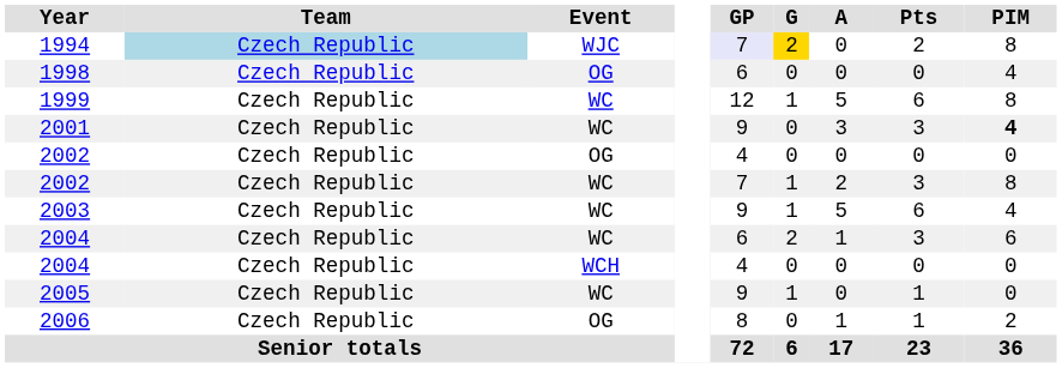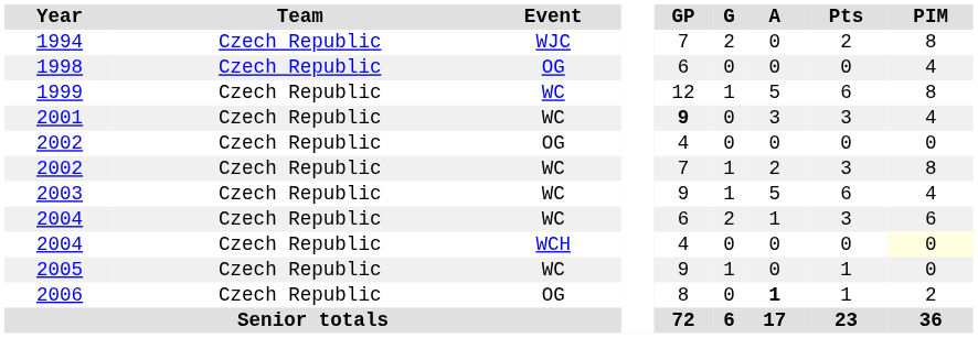 <table border="0" cellpadding="1" cellspacing="0" style="text-align:center; width:50em">
 <tr ALIGN="center" bgcolor="#e0e0e0">
 <th>Year</th>
 <th>Team</th>
 <th>Event</th>
 <th rowspan="99" bgcolor="#ffffff"> </th>
 <th>GP</th>
 <th>G</th>
 <th>A</th>
 <th>Pts</th>
 <th>PIM</th>
 </tr>
 <tr>
 <td><a href='#'>1994</a></td>
-<td style="background: lightblue;"><a href='#'>Czech Republic</a></td>
+<td><a href='#'>Czech Republic</a></td>
 <td><a href='#'>WJC</a></td>
-<td style="background: lavender;">7</td>
-<td style="background: gold;">2</td>
+<td>7</td>
+<td>2</td>
 <td>0</td>
 <td>2</td>
 <td>8</td>
 </tr>
 <tr bgcolor="#f0f0f0">
 <td><a href='#'>1998</a></td>
 <td><a href='#'>Czech Republic</a></td>
 <td><a href='#'>OG</a></td>
 <td>6</td>
 <td>0</td>
 <td>0</td>
 <td>0</td>
 <td>4</td>
 </tr>
 <tr>
 <td><a href='#'>1999</a></td>
 <td>Czech Republic</td>
 <td><a href='#'>WC</a></td>
 <td>12</td>
 <td>1</td>
 <td>5</td>
 <td>6</td>
 <td>8</td>
 </tr>
 <tr bgcolor="#f0f0f0">
 <td><a href='#'>2001</a></td>
 <td>Czech Republic</td>
 <td>WC</td>
-<td>9</td>
+<td><strong>9</strong></td>
 <td>0</td>
 <td>3</td>
 <td>3</td>
-<td><strong>4</strong></td>
+<td>4</td>
 </tr>
 <tr>
 <td><a href='#'>2002</a></td>
 <td>Czech Republic</td>
 <td>OG</td>
 <td>4</td>
 <td>0</td>
 <td>0</td>
 <td>0</td>
 <td>0</td>
 </tr>
 <tr bgcolor="#f0f0f0">
 <td><a href='#'>2002</a></td>
 <td>Czech Republic</td>
 <td>WC</td>
 <td>7</td>
 <td>1</td>
 <td>2</td>
 <td>3</td>
 <td>8</td>
 </tr>
 <tr>
 <td><a href='#'>2003</a></td>
 <td>Czech Republic</td>
 <td>WC</td>
 <td>9</td>
 <td>1</td>
 <td>5</td>
 <td>6</td>
 <td>4</td>
 </tr>
 <tr bgcolor="#f0f0f0">
 <td><a href='#'>2004</a></td>
 <td>Czech Republic</td>
 <td>WC</td>
 <td>6</td>
 <td>2</td>
 <td>1</td>
 <td>3</td>
 <td>6</td>
 </tr>
 <tr>
 <td><a href='#'>2004</a></td>
 <td>Czech Republic</td>
 <td><a href='#'>WCH</a></td>
 <td>4</td>
 <td>0</td>
 <td>0</td>
 <td>0</td>
-<td>0</td>
+<td style="background: lightyellow;">0</td>
 </tr>
 <tr bgcolor="#f0f0f0">
 <td><a href='#'>2005</a></td>
 <td>Czech Republic</td>
 <td>WC</td>
 <td>9</td>
 <td>1</td>
 <td>0</td>
 <td>1</td>
 <td>0</td>
 </tr>
 <tr>
 <td><a href='#'>2006</a></td>
 <td>Czech Republic</td>
 <td>OG</td>
 <td>8</td>
 <td>0</td>
-<td>1</td>
+<td><strong>1</strong></td>
 <td>1</td>
 <td>2</td>
 </tr>
 <tr bgcolor="#e0e0e0">
 <th colspan="3">Senior totals</th>
 <th>72</th>
 <th>6</th>
 <th>17</th>
 <th>23</th>
 <th>36</th>
 </tr>
 </table>
